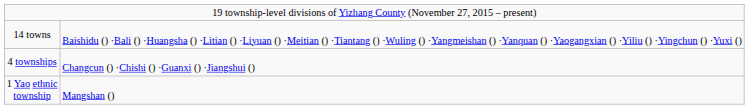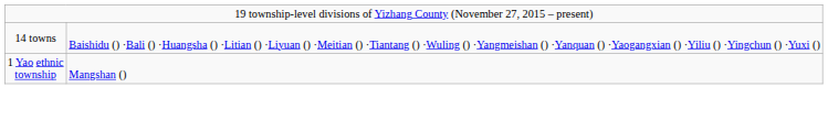 <table class="wikitable">
 <tr>
 <td style="text-align:center;" colspan="2">19 township-level divisions of <a href='#'>Yizhang County</a> (November 27, 2015 – present)</td>
 </tr>
 <tr align=left>
 <td align=center>14 towns</td>
 <td><br><a href='#'>Baishidu</a> () ·<a href='#'>Bali</a> () ·<a href='#'>Huangsha</a> () ·<a href='#'>Litian</a> () ·<a href='#'>Liyuan</a> () ·<a href='#'>Meitian</a> () ·<a href='#'>Tiantang</a> () ·<a href='#'>Wuling</a> () ·<a href='#'>Yangmeishan</a> () ·<a href='#'>Yanquan</a> () ·<a href='#'>Yaogangxian</a> () ·<a href='#'>Yiliu</a> () ·<a href='#'>Yingchun</a> () ·<a href='#'>Yuxi</a> ()</td>
 </tr>
 <tr align=left>
-<td align=center>4 <a href='#'>townships</a></td>
-<td><br><a href='#'>Changcun</a> () ·<a href='#'>Chishi</a> () ·<a href='#'>Guanxi</a> () ·<a href='#'>Jiangshui</a> ()</td>
-</tr>
-<tr align=left>
 <td align=center>1 <a href='#'>Yao</a> <a href='#'>ethnic<br>township</a></td>
 <td><br><a href='#'>Mangshan</a> ()</td>
 </tr>
 </table>
